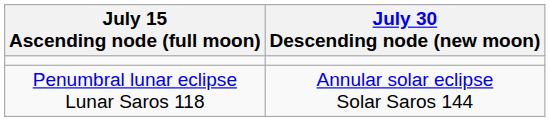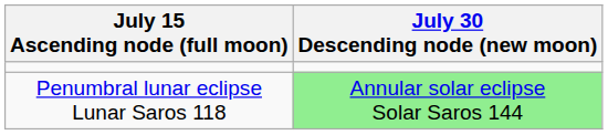 <table class="wikitable">
 <tr>
 <th>July 15<br>Ascending node (full moon)</th>
 <th><a href='#'>July 30</a><br>Descending node (new moon)</th>
 </tr>
 <tr>
 <td></td>
 <td></td>
 </tr>
 <tr align=center>
 <td><a href='#'>Penumbral lunar eclipse</a><br>Lunar Saros 118</td>
-<td><a href='#'>Annular solar eclipse</a><br>Solar Saros 144</td>
+<td style="background: lightgreen;"><a href='#'>Annular solar eclipse</a><br>Solar Saros 144</td>
 </tr>
 </table>
